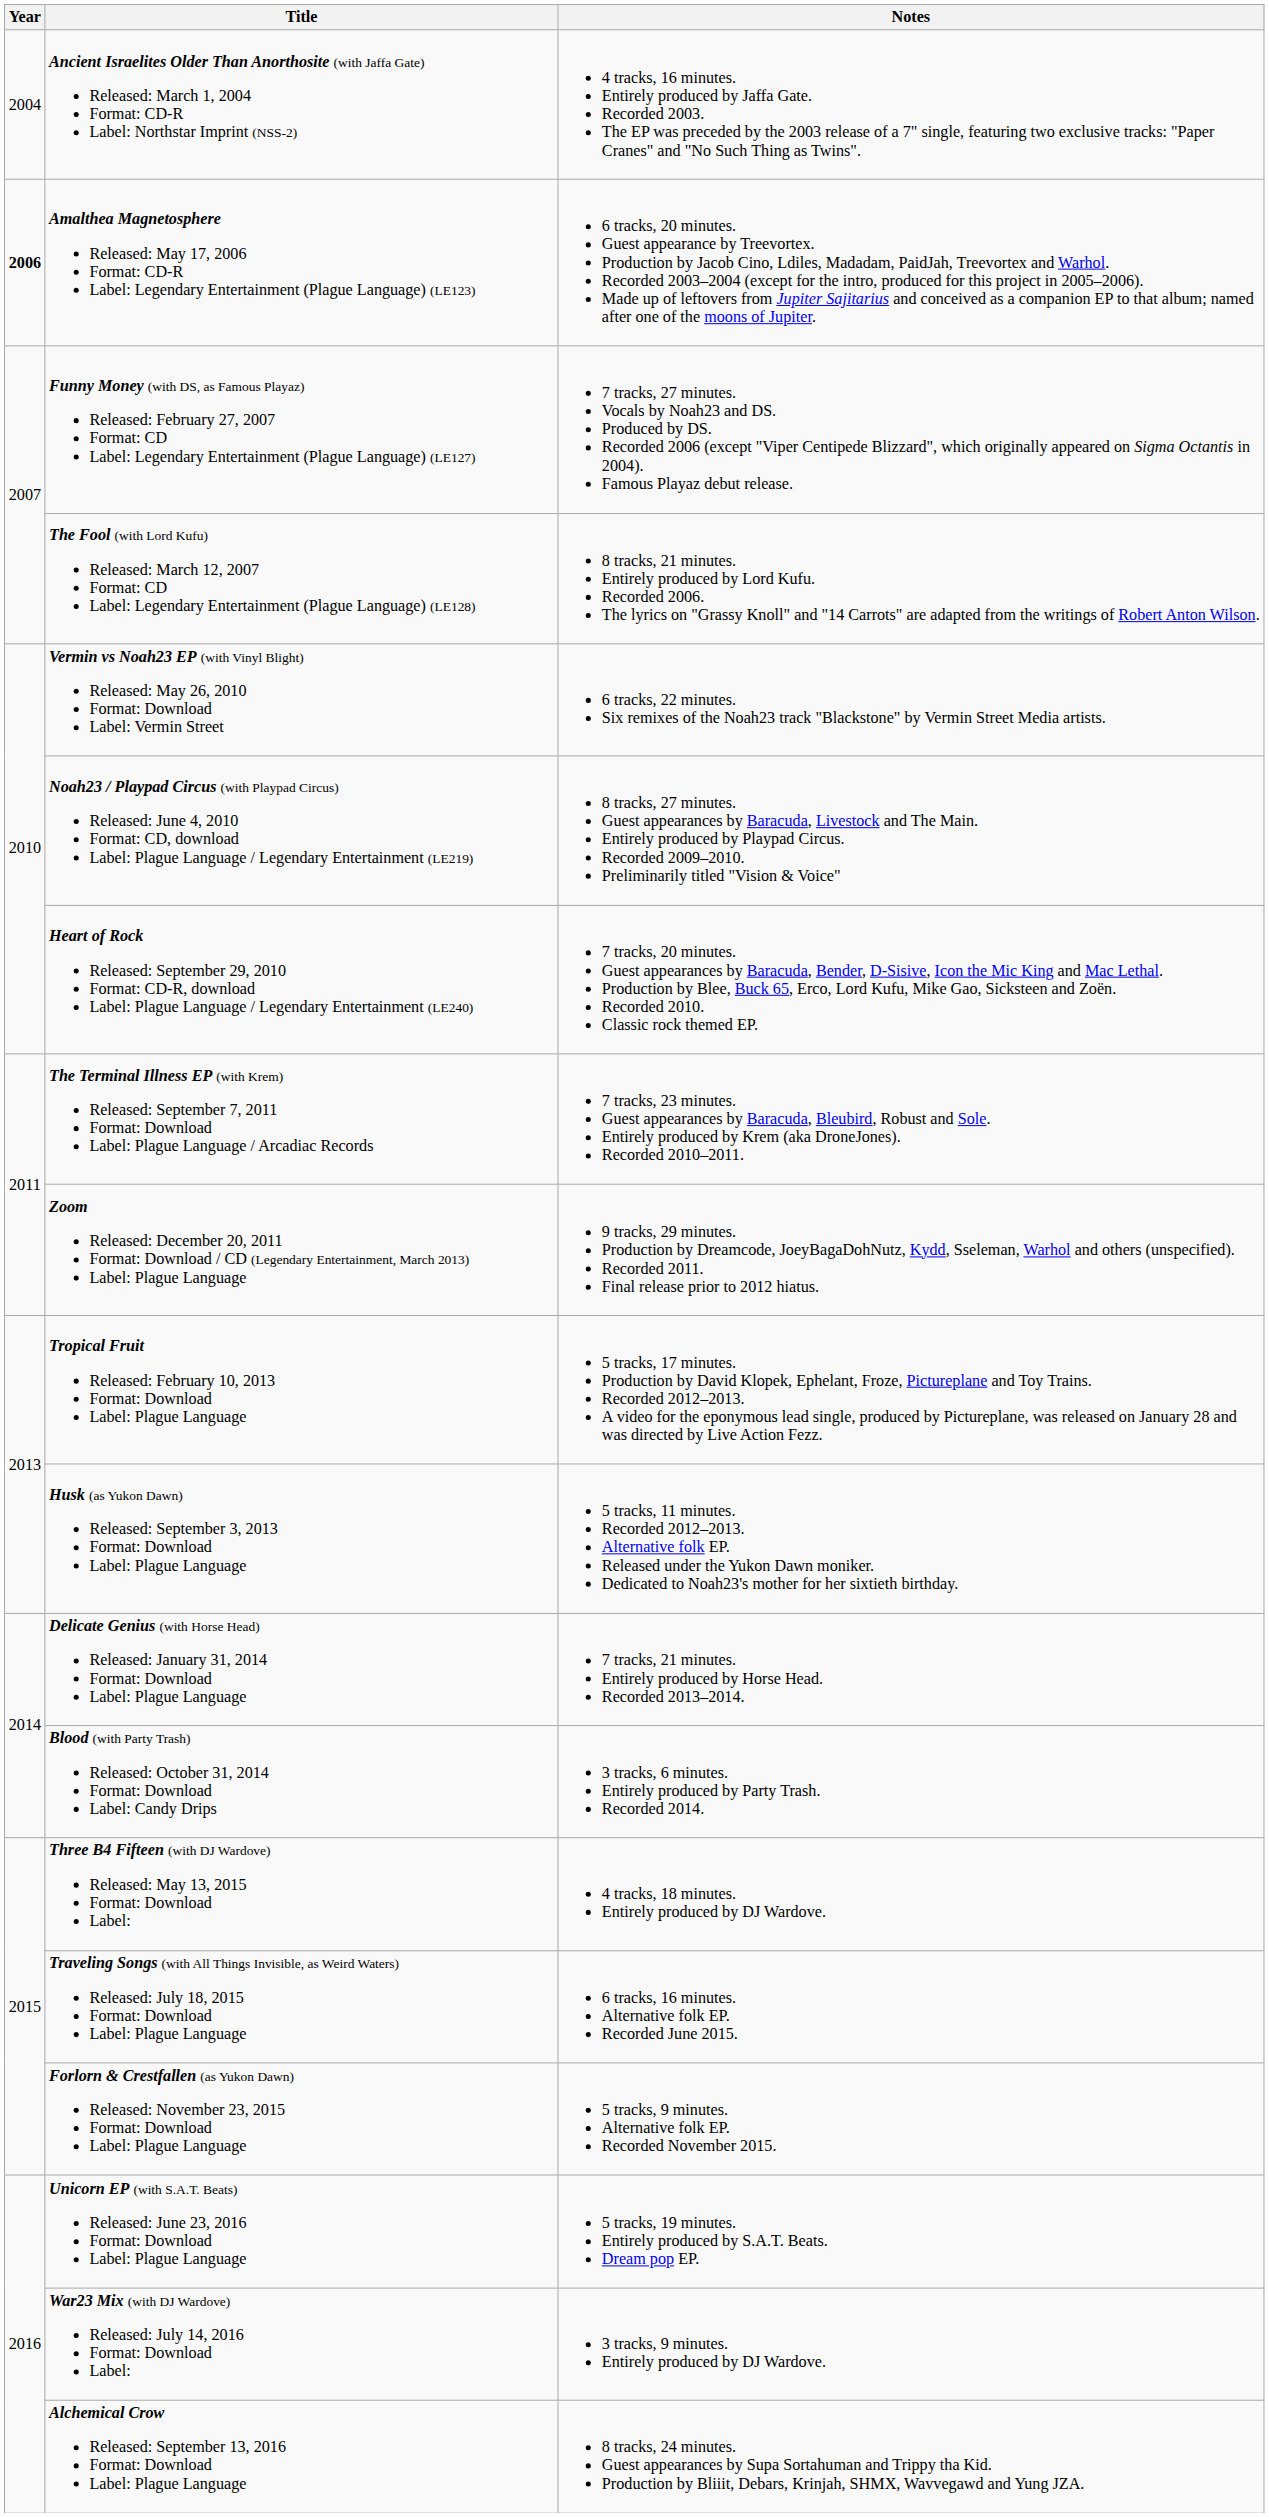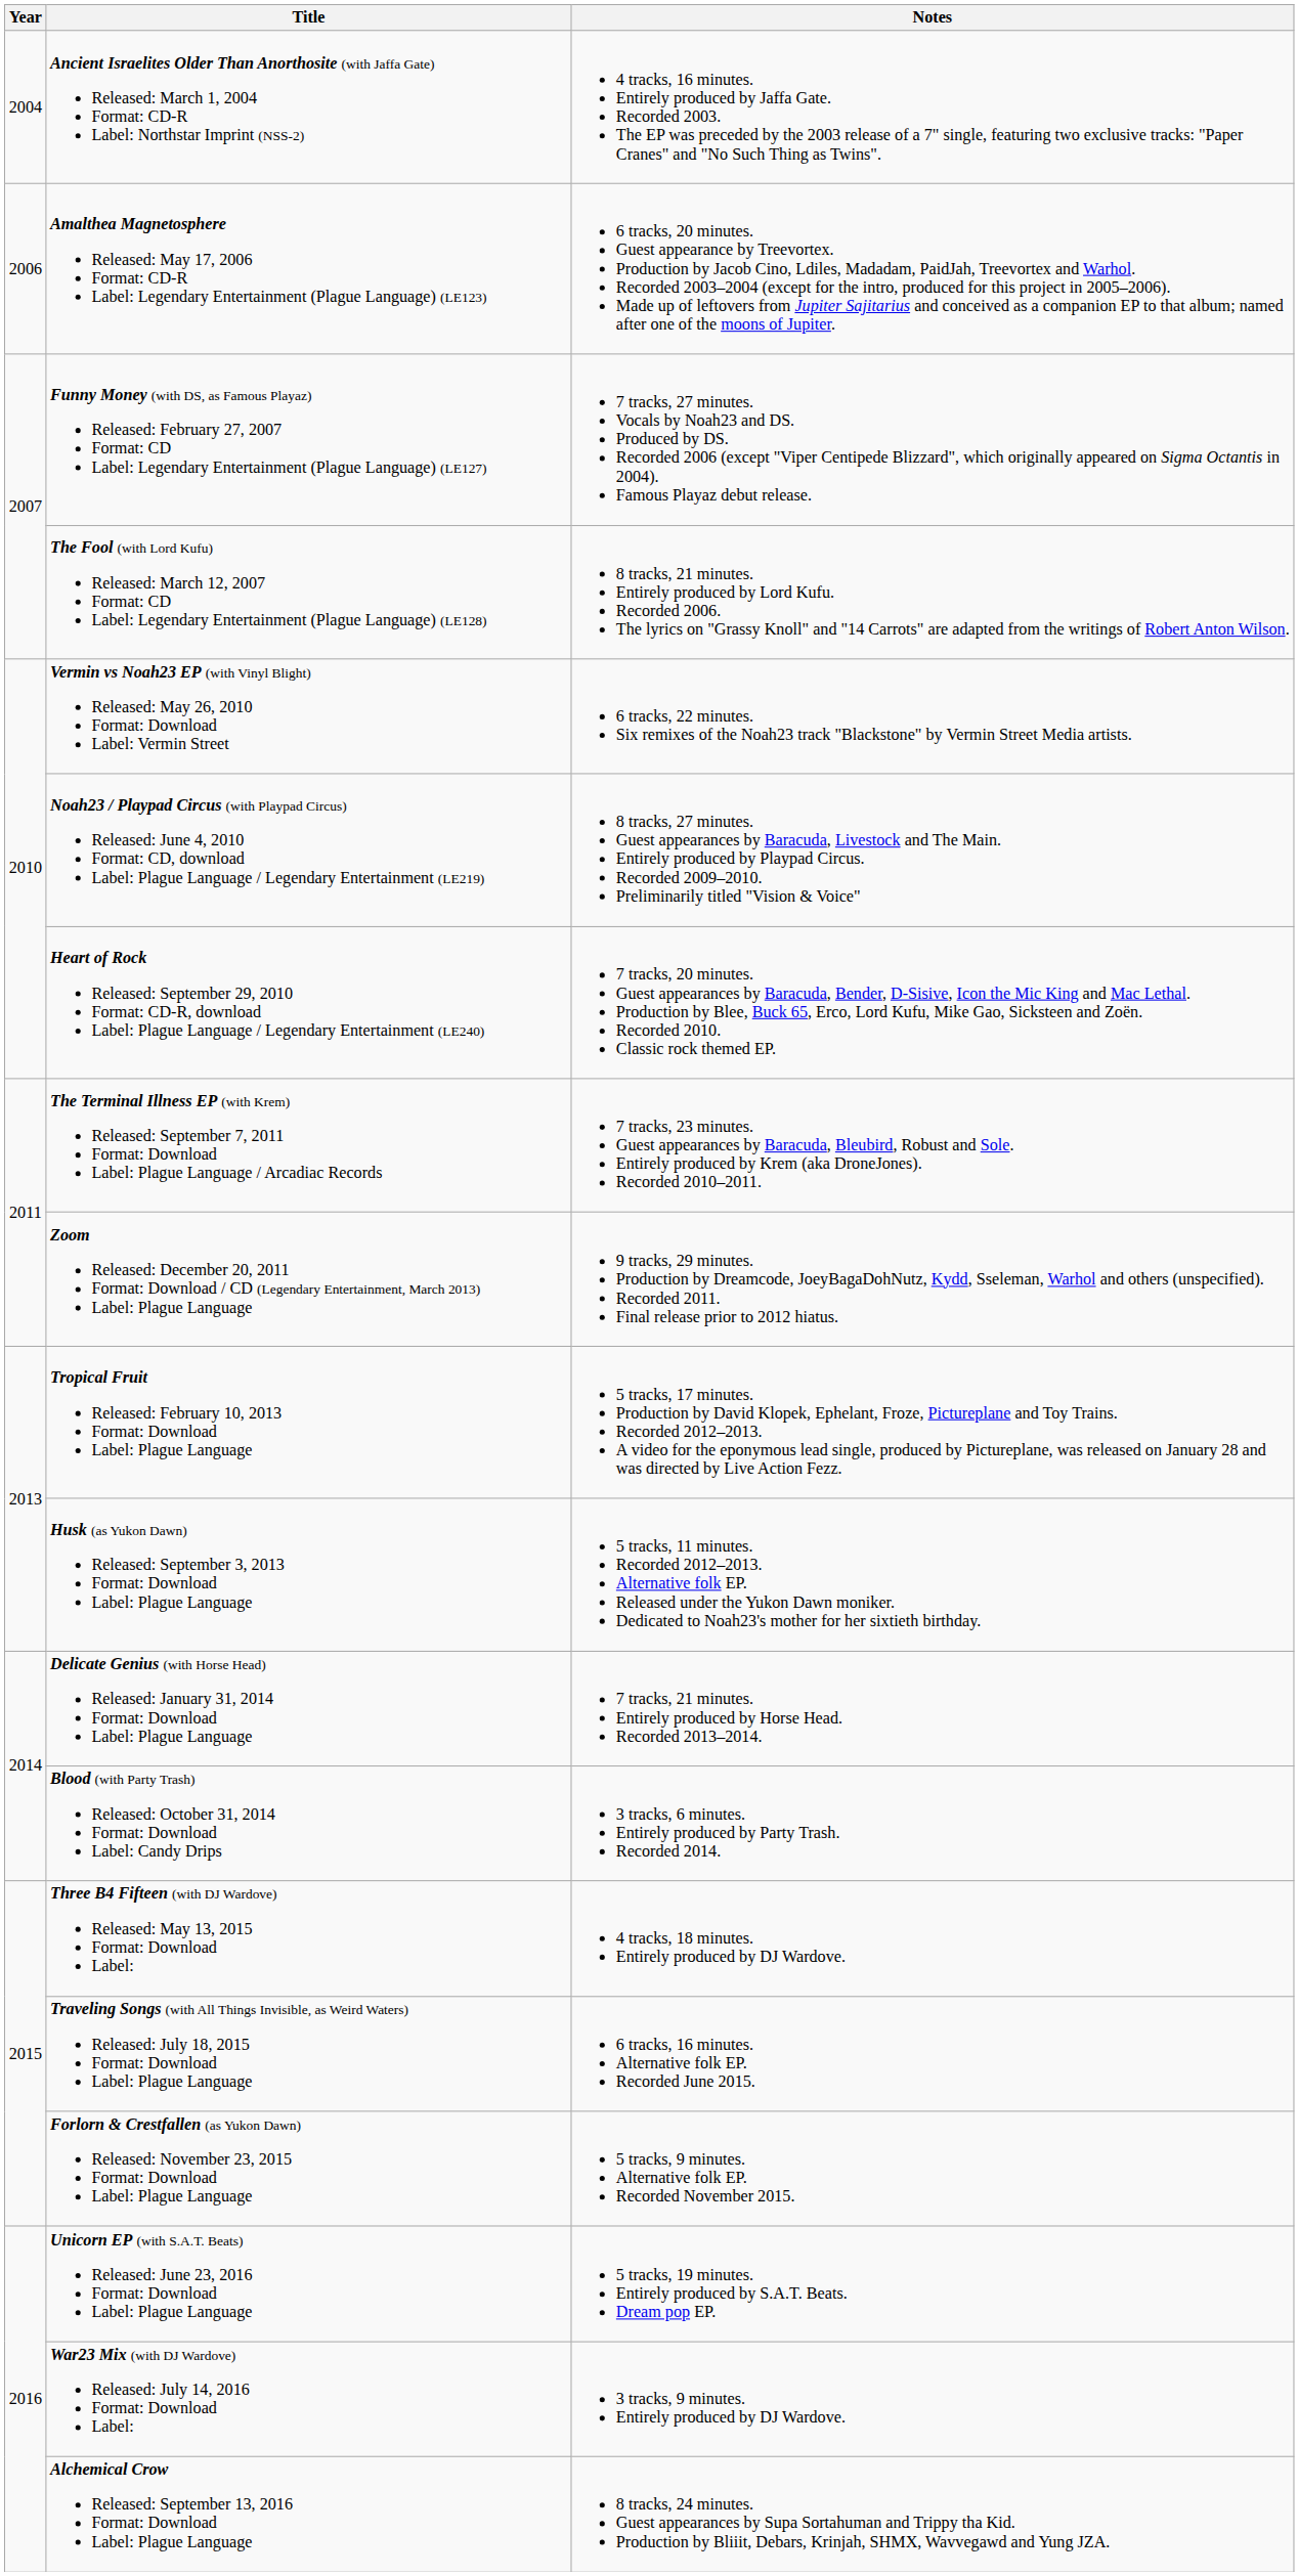 <table class="wikitable">
 <tr>
 <th rowspan="1" style="width:33px;">Year</th>
 <th rowspan="1" style="width:500px;">Title</th>
 <th rowspan="1">Notes</th>
 </tr>
 <tr>
 <td style="text-align:center;">2004</td>
 <td><strong><em>Ancient Israelites Older Than Anorthosite</em></strong> <small>(with Jaffa Gate)</small><br><ul><li>Released: March 1, 2004</li><li>Format: CD-R</li><li>Label: Northstar Imprint <small>(NSS-2)</small></li></ul></td>
 <td><br><ul><li>4 tracks, 16 minutes.</li><li>Entirely produced by Jaffa Gate.</li><li>Recorded 2003.</li><li>The EP was preceded by the 2003 release of a 7" single, featuring two exclusive tracks: "Paper Cranes" and "No Such Thing as Twins".</li></ul></td>
 </tr>
 <tr>
-<td style="text-align:center;"><strong>2006</strong></td>
+<td style="text-align:center;">2006</td>
 <td><strong><em>Amalthea Magnetosphere</em></strong><br><ul><li>Released: May 17, 2006</li><li>Format: CD-R</li><li>Label: Legendary Entertainment (Plague Language) <small>(LE123)</small></li></ul></td>
 <td><br><ul><li>6 tracks, 20 minutes.</li><li>Guest appearance by Treevortex.</li><li>Production by Jacob Cino, Ldiles, Madadam, PaidJah, Treevortex and <a href='#'>Warhol</a>.</li><li>Recorded 2003–2004 (except for the intro, produced for this project in 2005–2006).</li><li>Made up of leftovers from <em><a href='#'>Jupiter Sajitarius</a></em> and conceived as a companion EP to that album; named after one of the <a href='#'>moons of Jupiter</a>.</li></ul></td>
 </tr>
 <tr>
 <td style="text-align:center;" rowspan="2">2007</td>
 <td><strong><em>Funny Money</em></strong> <small>(with DS, as Famous Playaz)</small><br><ul><li>Released: February 27, 2007</li><li>Format: CD</li><li>Label: Legendary Entertainment (Plague Language) <small>(LE127)</small></li></ul></td>
 <td><br><ul><li>7 tracks, 27 minutes.</li><li>Vocals by Noah23 and DS.</li><li>Produced by DS.</li><li>Recorded 2006 (except "Viper Centipede Blizzard", which originally appeared on <em>Sigma Octantis</em> in 2004).</li><li>Famous Playaz debut release.</li></ul></td>
 </tr>
 <tr>
 <td><strong><em>The Fool</em></strong> <small>(with Lord Kufu)</small><br><ul><li>Released: March 12, 2007</li><li>Format: CD</li><li>Label: Legendary Entertainment (Plague Language) <small>(LE128)</small></li></ul></td>
 <td><br><ul><li>8 tracks, 21 minutes.</li><li>Entirely produced by Lord Kufu.</li><li>Recorded 2006.</li><li>The lyrics on "Grassy Knoll" and "14 Carrots" are adapted from the writings of <a href='#'>Robert Anton Wilson</a>.</li></ul></td>
 </tr>
 <tr>
 <td style="text-align:center;" rowspan="3">2010</td>
 <td><strong><em>Vermin vs Noah23 EP</em></strong> <small>(with Vinyl Blight)</small><br><ul><li>Released: May 26, 2010</li><li>Format: Download</li><li>Label: Vermin Street</li></ul></td>
 <td><br><ul><li>6 tracks, 22 minutes.</li><li>Six remixes of the Noah23 track "Blackstone" by Vermin Street Media artists.</li></ul></td>
 </tr>
 <tr>
 <td><strong><em>Noah23 / Playpad Circus</em></strong> <small>(with Playpad Circus)</small><br><ul><li>Released: June 4, 2010</li><li>Format: CD, download</li><li>Label: Plague Language / Legendary Entertainment <small>(LE219)</small></li></ul></td>
 <td><br><ul><li>8 tracks, 27 minutes.</li><li>Guest appearances by <a href='#'>Baracuda</a>, <a href='#'>Livestock</a> and The Main.</li><li>Entirely produced by Playpad Circus.</li><li>Recorded 2009–2010.</li><li>Preliminarily titled "Vision & Voice"</li></ul></td>
 </tr>
 <tr>
 <td><strong><em>Heart of Rock</em></strong><br><ul><li>Released: September 29, 2010</li><li>Format: CD-R, download</li><li>Label: Plague Language / Legendary Entertainment <small>(LE240)</small></li></ul></td>
 <td><br><ul><li>7 tracks, 20 minutes.</li><li>Guest appearances by <a href='#'>Baracuda</a>, <a href='#'>Bender</a>, <a href='#'>D-Sisive</a>, <a href='#'>Icon the Mic King</a> and <a href='#'>Mac Lethal</a>.</li><li>Production by Blee, <a href='#'>Buck 65</a>, Erco, Lord Kufu, Mike Gao, Sicksteen and Zoën.</li><li>Recorded 2010.</li><li>Classic rock themed EP.</li></ul></td>
 </tr>
 <tr>
 <td style="text-align:center;" rowspan="2">2011</td>
 <td><strong><em>The Terminal Illness EP</em></strong> <small>(with Krem)</small><br><ul><li>Released: September 7, 2011</li><li>Format: Download</li><li>Label: Plague Language / Arcadiac Records</li></ul></td>
 <td><br><ul><li>7 tracks, 23 minutes.</li><li>Guest appearances by <a href='#'>Baracuda</a>, <a href='#'>Bleubird</a>, Robust and <a href='#'>Sole</a>.</li><li>Entirely produced by Krem (aka DroneJones).</li><li>Recorded 2010–2011.</li></ul></td>
 </tr>
 <tr>
 <td><strong><em>Zoom</em></strong><br><ul><li>Released: December 20, 2011</li><li>Format: Download / CD <small>(Legendary Entertainment, March 2013)</small></li><li>Label: Plague Language</li></ul></td>
 <td><br><ul><li>9 tracks, 29 minutes.</li><li>Production by Dreamcode, JoeyBagaDohNutz, <a href='#'>Kydd</a>, Sseleman, <a href='#'>Warhol</a> and others (unspecified).</li><li>Recorded 2011.</li><li>Final release prior to 2012 hiatus.</li></ul></td>
 </tr>
 <tr>
 <td style="text-align:center;" rowspan="2">2013</td>
 <td><strong><em>Tropical Fruit</em></strong><br><ul><li>Released: February 10, 2013</li><li>Format: Download</li><li>Label: Plague Language</li></ul></td>
 <td><br><ul><li>5 tracks, 17 minutes.</li><li>Production by David Klopek, Ephelant, Froze, <a href='#'>Pictureplane</a> and Toy Trains.</li><li>Recorded 2012–2013.</li><li>A video for the eponymous lead single, produced by Pictureplane, was released on January 28 and was directed by Live Action Fezz.</li></ul></td>
 </tr>
 <tr>
 <td><strong><em>Husk</em></strong> <small>(as Yukon Dawn)</small><br><ul><li>Released: September 3, 2013</li><li>Format: Download</li><li>Label: Plague Language</li></ul></td>
 <td><br><ul><li>5 tracks, 11 minutes.</li><li>Recorded 2012–2013.</li><li><a href='#'>Alternative folk</a> EP.</li><li>Released under the Yukon Dawn moniker.</li><li>Dedicated to Noah23's mother for her sixtieth birthday.</li></ul></td>
 </tr>
 <tr>
 <td style="text-align:center;" rowspan="2">2014</td>
 <td><strong><em>Delicate Genius</em></strong> <small>(with Horse Head)</small><br><ul><li>Released: January 31, 2014</li><li>Format: Download</li><li>Label: Plague Language</li></ul></td>
 <td><br><ul><li>7 tracks, 21 minutes.</li><li>Entirely produced by Horse Head.</li><li>Recorded 2013–2014.</li></ul></td>
 </tr>
 <tr>
 <td><strong><em>Blood</em></strong> <small>(with Party Trash)</small><br><ul><li>Released: October 31, 2014</li><li>Format: Download</li><li>Label: Candy Drips</li></ul></td>
 <td><br><ul><li>3 tracks, 6 minutes.</li><li>Entirely produced by Party Trash.</li><li>Recorded 2014.</li></ul></td>
 </tr>
 <tr>
 <td style="text-align:center;" rowspan="3">2015</td>
 <td><strong><em>Three B4 Fifteen</em></strong> <small>(with DJ Wardove)</small><br><ul><li>Released: May 13, 2015</li><li>Format: Download</li><li>Label:</li></ul></td>
 <td><br><ul><li>4 tracks, 18 minutes.</li><li>Entirely produced by DJ Wardove.</li></ul></td>
 </tr>
 <tr>
 <td><strong><em>Traveling Songs</em></strong> <small>(with All Things Invisible, as Weird Waters)</small><br><ul><li>Released: July 18, 2015</li><li>Format: Download</li><li>Label: Plague Language</li></ul></td>
 <td><br><ul><li>6 tracks, 16 minutes.</li><li>Alternative folk EP.</li><li>Recorded June 2015.</li></ul></td>
 </tr>
 <tr>
 <td><strong><em>Forlorn & Crestfallen</em></strong> <small>(as Yukon Dawn)</small><br><ul><li>Released: November 23, 2015</li><li>Format: Download</li><li>Label: Plague Language</li></ul></td>
 <td><br><ul><li>5 tracks, 9 minutes.</li><li>Alternative folk EP.</li><li>Recorded November 2015.</li></ul></td>
 </tr>
 <tr>
 <td style="text-align:center;" rowspan="3">2016</td>
 <td><strong><em>Unicorn EP</em></strong> <small>(with S.A.T. Beats)</small><br><ul><li>Released: June 23, 2016</li><li>Format: Download</li><li>Label: Plague Language</li></ul></td>
 <td><br><ul><li>5 tracks, 19 minutes.</li><li>Entirely produced by S.A.T. Beats.</li><li><a href='#'>Dream pop</a> EP.</li></ul></td>
 </tr>
 <tr>
 <td><strong><em>War23 Mix</em></strong> <small>(with DJ Wardove)</small><br><ul><li>Released: July 14, 2016</li><li>Format: Download</li><li>Label:</li></ul></td>
 <td><br><ul><li>3 tracks, 9 minutes.</li><li>Entirely produced by DJ Wardove.</li></ul></td>
 </tr>
 <tr>
 <td><strong><em>Alchemical Crow</em></strong><br><ul><li>Released: September 13, 2016</li><li>Format: Download</li><li>Label: Plague Language</li></ul></td>
 <td><br><ul><li>8 tracks, 24 minutes.</li><li>Guest appearances by Supa Sortahuman and Trippy tha Kid.</li><li>Production by Bliiit, Debars, Krinjah, SHMX, Wavvegawd and Yung JZA.</li></ul></td>
 </tr>
 <tr>
 </tr>
 </table>
